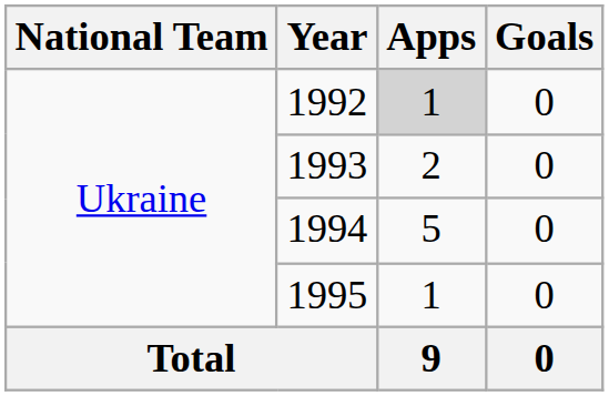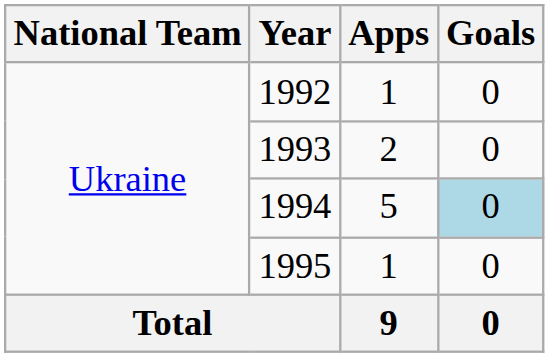 <table class="wikitable" style="text-align: center">
 <tr>
 <th>National Team</th>
 <th>Year</th>
 <th>Apps</th>
 <th>Goals</th>
 </tr>
 <tr>
 <td rowspan="4"><a href='#'>Ukraine</a></td>
 <td>1992</td>
-<td style="background: lightgrey;">1</td>
+<td>1</td>
 <td>0</td>
 </tr>
 <tr>
 <td>1993</td>
 <td>2</td>
 <td>0</td>
 </tr>
 <tr>
 <td>1994</td>
 <td>5</td>
-<td>0</td>
+<td style="background: lightblue;">0</td>
 </tr>
 <tr>
 <td>1995</td>
 <td>1</td>
 <td>0</td>
 </tr>
 <tr>
 <th colspan="2">Total</th>
 <th>9</th>
 <th>0</th>
 </tr>
 </table>
